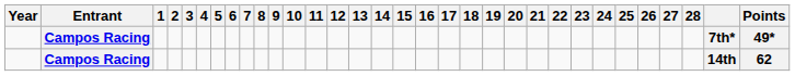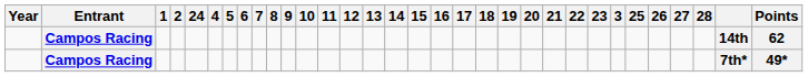 <table class="wikitable" style="text-align:center; font-size:85%;">
 <tr>
 <th>Year</th>
 <th>Entrant</th>
 <th>1</th>
 <th>2</th>
-<th>3</th>
+<th>24</th>
 <th>4</th>
 <th>5</th>
 <th>6</th>
 <th>7</th>
 <th>8</th>
 <th>9</th>
 <th>10</th>
 <th>11</th>
 <th>12</th>
 <th>13</th>
 <th>14</th>
 <th>15</th>
 <th>16</th>
 <th>17</th>
 <th>18</th>
 <th>19</th>
 <th>20</th>
 <th>21</th>
 <th>22</th>
 <th>23</th>
-<th>24</th>
+<th>3</th>
 <th>25</th>
 <th>26</th>
 <th>27</th>
 <th>28</th>
 <th></th>
 <th>Points</th>
 </tr>
 <tr>
 <td id=2024R></td>
 <th nowrap><a href='#'>Campos Racing</a></th>
 <td></td>
 <td></td>
 <td></td>
 <td></td>
 <td></td>
 <td></td>
 <td></td>
 <td></td>
 <td></td>
 <td></td>
 <td></td>
 <td></td>
 <td></td>
 <td></td>
 <td></td>
 <td></td>
 <td></td>
 <td></td>
 <td></td>
 <td></td>
 <td></td>
 <td></td>
 <td></td>
 <td></td>
 <td></td>
 <td></td>
 <td></td>
 <td></td>
-<th>7th*</th>
-<th>49*</th>
+<th>14th</th>
+<th>62</th>
 </tr>
 <tr>
 <td id=2025R></td>
 <th nowrap><a href='#'>Campos Racing</a></th>
 <td></td>
 <td></td>
 <td></td>
 <td></td>
 <td></td>
 <td></td>
 <td></td>
 <td></td>
 <td></td>
 <td></td>
 <td></td>
 <td></td>
 <td></td>
 <td></td>
 <td></td>
 <td></td>
 <td></td>
 <td></td>
 <td></td>
 <td></td>
 <td></td>
 <td></td>
 <td></td>
 <td></td>
 <td></td>
 <td></td>
 <td></td>
 <td></td>
-<th>14th</th>
-<th>62</th>
+<th>7th*</th>
+<th>49*</th>
 </tr>
 </table>
